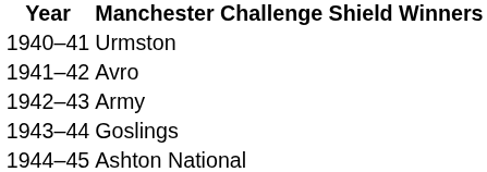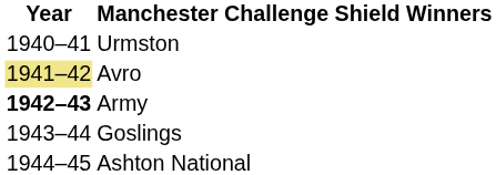 <table>
 <tr>
 <th>Year</th>
 <th>Manchester Challenge Shield Winners</th>
 </tr>
 <tr>
 <td>1940–41</td>
 <td>Urmston</td>
 </tr>
 <tr>
-<td>1941–42</td>
+<td style="background: khaki;">1941–42</td>
 <td>Avro</td>
 </tr>
 <tr>
-<td>1942–43</td>
+<td><strong>1942–43</strong></td>
 <td>Army</td>
 </tr>
 <tr>
 <td>1943–44</td>
 <td>Goslings</td>
 </tr>
 <tr>
 <td>1944–45</td>
 <td>Ashton National</td>
 </tr>
 </table>
